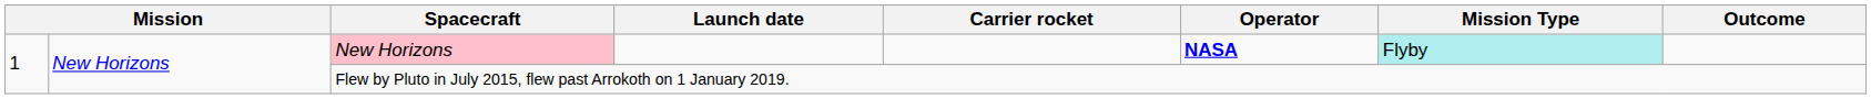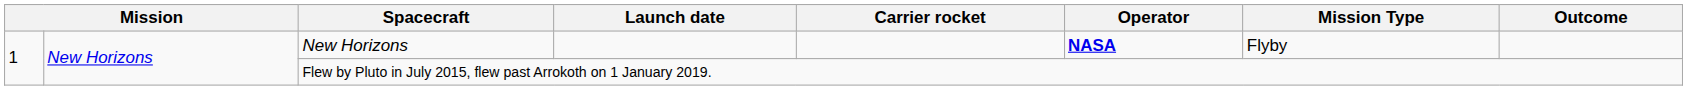 <table class="wikitable sortable" style="width:100%">
 <tr>
 <th colspan="2">Mission</th>
 <th>Spacecraft</th>
 <th>Launch date</th>
 <th>Carrier rocket</th>
 <th>Operator</th>
 <th>Mission Type</th>
 <th>Outcome</th>
 </tr>
 <tr>
 <td rowspan="2">1</td>
 <td rowspan="2"><em><a href='#'>New Horizons</a></em></td>
-<td style="background: pink;"><em>New Horizons</em></td>
+<td><em>New Horizons</em></td>
 <td></td>
 <td></td>
 <td><strong> <a href='#'>NASA</a></strong></td>
-<td style="background: paleturquoise;">Flyby</td>
+<td>Flyby</td>
 <td></td>
 </tr>
 <tr>
 <td colspan="6"><small>Flew by Pluto in July 2015, flew past Arrokoth on 1 January 2019.</small></td>
 </tr>
 </table>
